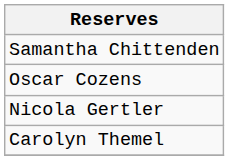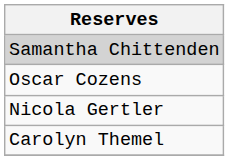 <table class="wikitable mw-collapsible mw-collapsed">
 <tr>
 <th>Reserves</th>
 </tr>
 <tr>
-<td>Samantha Chittenden</td>
+<td style="background: lightgrey;">Samantha Chittenden</td>
 </tr>
 <tr>
 <td>Oscar Cozens</td>
 </tr>
 <tr>
 <td>Nicola Gertler</td>
 </tr>
 <tr>
 <td>Carolyn Themel</td>
 </tr>
 <tr>
 </tr>
 </table>
